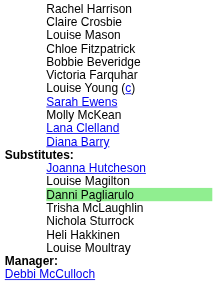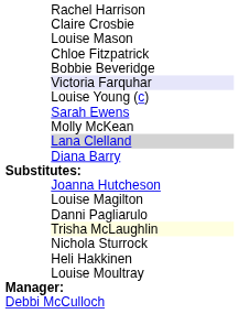 <table style="font-size: 90%" cellspacing="0" cellpadding="0" align="center">
 <tr>
 <th width="25"></th>
 <th width="25"></th>
 <th width="200"></th>
 <th></th>
 </tr>
 <tr>
 <td></td>
 <td></td>
 <td> Rachel Harrison</td>
 </tr>
 <tr>
 <td></td>
 <td></td>
 <td> Claire Crosbie</td>
 </tr>
 <tr>
 <td></td>
 <td></td>
 <td> Louise Mason </td>
 </tr>
 <tr>
 <td></td>
 <td></td>
 <td> Chloe Fitzpatrick</td>
 </tr>
 <tr>
 <td></td>
 <td></td>
 <td> Bobbie Beveridge</td>
 </tr>
 <tr>
 <td></td>
 <td></td>
-<td> Victoria Farquhar</td>
+<td style="background: lavender;"> Victoria Farquhar</td>
 </tr>
 <tr>
 <td></td>
 <td></td>
 <td> Louise Young (<a href='#'>c</a>) </td>
 </tr>
 <tr>
 <td></td>
 <td></td>
 <td> <a href='#'>Sarah Ewens</a> </td>
 </tr>
 <tr>
 <td></td>
 <td></td>
 <td> Molly McKean</td>
 </tr>
 <tr>
 <td></td>
 <td></td>
-<td> <a href='#'>Lana Clelland</a></td>
+<td style="background: lightgrey;"> <a href='#'>Lana Clelland</a></td>
 </tr>
 <tr>
 <td></td>
 <td></td>
 <td> <a href='#'>Diana Barry</a></td>
 </tr>
 <tr>
 <td colspan="4"><strong>Substitutes:</strong></td>
 </tr>
 <tr>
 <td></td>
 <td></td>
 <td>  <a href='#'>Joanna Hutcheson</a></td>
 </tr>
 <tr>
 <td></td>
 <td></td>
 <td> Louise Magilton </td>
 </tr>
 <tr>
 <td></td>
 <td></td>
-<td style="background: lightgreen;"> Danni Pagliarulo </td>
+<td> Danni Pagliarulo </td>
 </tr>
 <tr>
 <td></td>
 <td></td>
-<td> Trisha McLaughlin </td>
+<td style="background: lightyellow;"> Trisha McLaughlin </td>
 </tr>
 <tr>
 <td></td>
 <td></td>
 <td>  Nichola Sturrock</td>
 </tr>
 <tr>
 <td></td>
 <td></td>
 <td> Heli Hakkinen</td>
 </tr>
 <tr>
 <td></td>
 <td></td>
 <td> Louise Moultray</td>
 </tr>
 <tr>
 <td colspan="4"><strong>Manager:</strong></td>
 </tr>
 <tr>
 <td colspan="4"> <a href='#'>Debbi McCulloch</a></td>
 </tr>
 </table>
